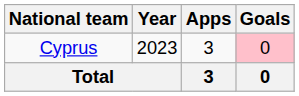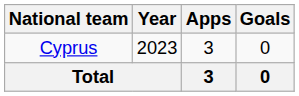 <table class="wikitable" style="text-align: center;">
 <tr>
 <th>National team</th>
 <th>Year</th>
 <th>Apps</th>
 <th>Goals</th>
 </tr>
 <tr>
 <td rowspan="1"><a href='#'>Cyprus</a></td>
 <td>2023</td>
 <td>3</td>
-<td style="background: pink;">0</td>
+<td>0</td>
 </tr>
 <tr>
 <th colspan="2">Total</th>
 <th>3</th>
 <th>0</th>
 </tr>
 </table>
